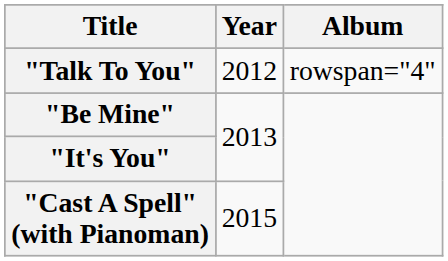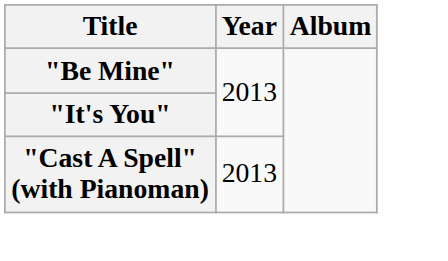 <table class="wikitable plainrowheaders" style="text-align:center;">
 <tr>
 <th>Title</th>
 <th>Year</th>
 <th>Album</th>
-</tr>
-<tr>
-<th scope="row">"Talk To You"<br></th>
-<td rowspan="1">2012</td>
-<td>rowspan="4" </td>
 </tr>
 <tr>
 <th scope="row">"Be Mine"<br></th>
 <td rowspan="2">2013</td>
 </tr>
 <tr>
 <th scope="row">"It's You"<br></th>
 </tr>
 <tr>
 <th scope="row">"Cast A Spell"<br><span>(with Pianoman)</span></th>
-<td rowspan="1">2015</td>
+<td rowspan="1">2013</td>
 </tr>
 </table>
